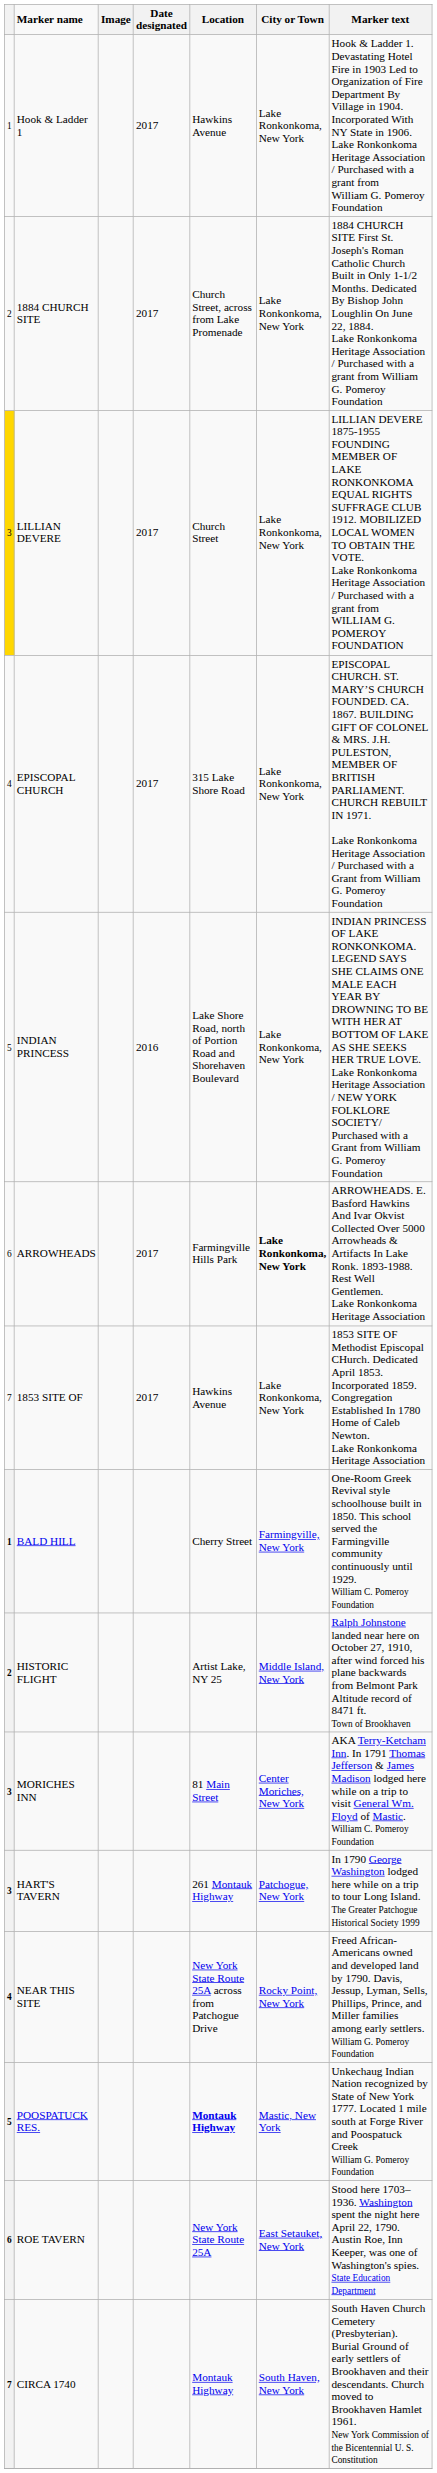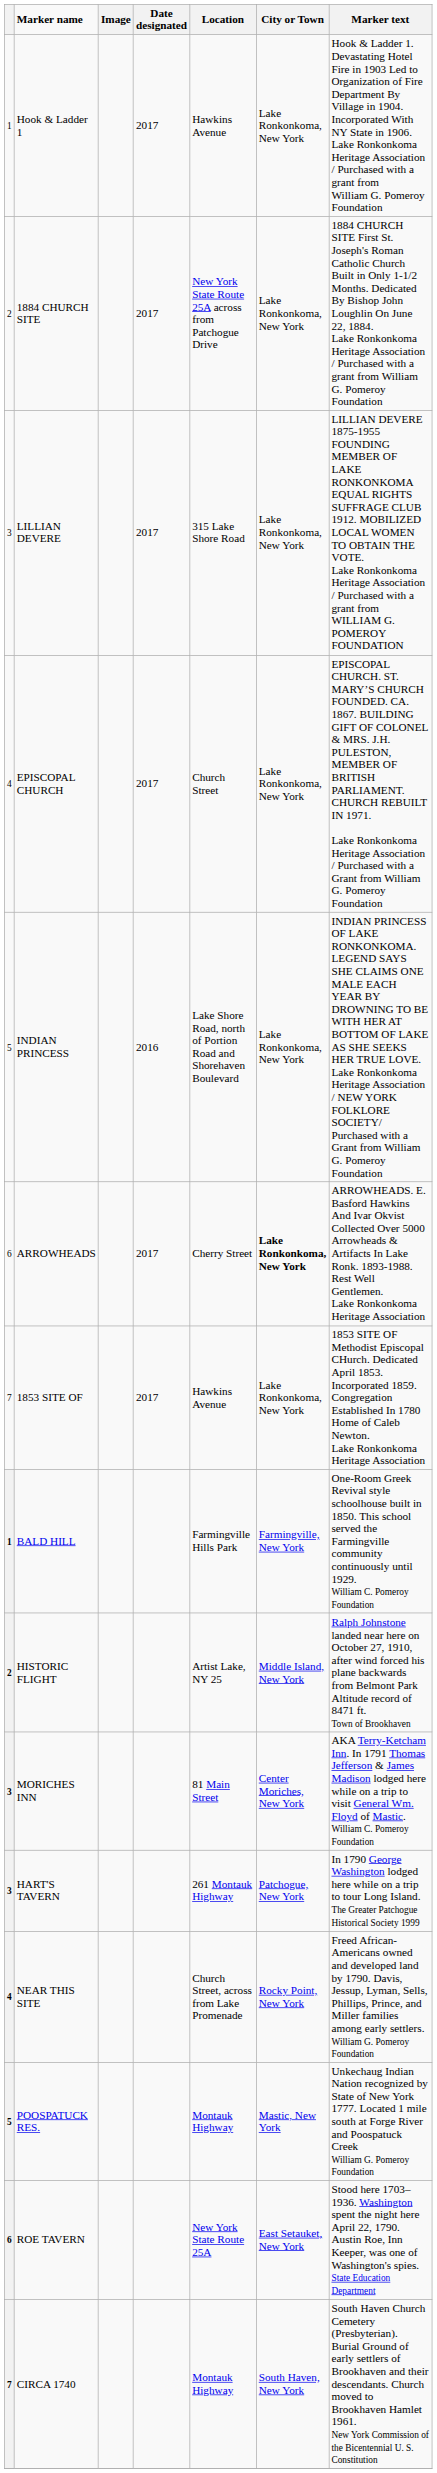 <table class="wikitable sortable" style="width:98%">
 <tr>
 <th></th>
 <td width="18%" ><strong>Marker name</strong></td>
 <th width = 8% class="unsortable" ><strong>Image</strong></th>
 <th width = 10% ><strong>Date designated</strong></th>
 <th><strong>Location</strong></th>
 <th width = 8% ><strong>City or Town</strong></th>
 <th class="unsortable" ><strong>Marker text</strong></th>
 </tr>
 <tr>
 <td><small>1</small></td>
 <td>Hook & Ladder 1</td>
 <td></td>
 <td>2017</td>
 <td>Hawkins Avenue</td>
 <td>Lake Ronkonkoma, New York</td>
 <td>Hook & Ladder 1. Devastating Hotel Fire in 1903 Led to Organization of Fire Department By Village in 1904. Incorporated With NY State in 1906.<br>Lake Ronkonkoma Heritage Association / Purchased with a grant from<br>William G. Pomeroy Foundation</td>
 </tr>
 <tr>
 <td><small>2</small></td>
 <td>1884 CHURCH SITE</td>
 <td></td>
 <td>2017</td>
-<td>Church Street, across from Lake Promenade</td>
+<td><a href='#'>New York State Route 25A</a> across from Patchogue Drive</td>
 <td>Lake Ronkonkoma, New York</td>
 <td>1884 CHURCH SITE First St. Joseph's Roman Catholic Church Built in Only 1-1/2 Months. Dedicated By Bishop John Loughlin On June 22, 1884.<br>Lake Ronkonkoma Heritage Association / Purchased with a grant from William G. Pomeroy Foundation</td>
 </tr>
 <tr>
-<td style="background: gold;"><small>3</small></td>
+<td><small>3</small></td>
 <td>LILLIAN DEVERE</td>
 <td></td>
 <td>2017</td>
-<td>Church Street</td>
+<td>315 Lake Shore Road</td>
 <td>Lake Ronkonkoma, New York</td>
 <td>LILLIAN DEVERE 1875-1955 FOUNDING MEMBER OF LAKE<br>RONKONKOMA EQUAL RIGHTS SUFFRAGE CLUB 1912. MOBILIZED  LOCAL WOMEN TO OBTAIN THE VOTE.<br>Lake Ronkonkoma Heritage Association / Purchased with a grant from WILLIAM G. POMEROY FOUNDATION</td>
 </tr>
 <tr>
 <td><small>4</small></td>
 <td>EPISCOPAL CHURCH</td>
 <td></td>
 <td>2017</td>
-<td>315 Lake Shore Road</td>
+<td>Church Street</td>
 <td>Lake Ronkonkoma, New York</td>
 <td>EPISCOPAL CHURCH. ST. MARY’S CHURCH FOUNDED. CA. 1867. BUILDING GIFT OF COLONEL & MRS. J.H. PULESTON, MEMBER OF BRITISH PARLIAMENT. CHURCH REBUILT IN 1971.<br><br>Lake Ronkonkoma Heritage Association / Purchased with a Grant from William G. Pomeroy Foundation</td>
 </tr>
 <tr>
 <td><small>5</small></td>
 <td>INDIAN PRINCESS</td>
 <td></td>
 <td>2016</td>
 <td>Lake Shore Road, north of Portion Road and Shorehaven Boulevard</td>
 <td>Lake Ronkonkoma, New York</td>
 <td>INDIAN PRINCESS OF LAKE RONKONKOMA. LEGEND SAYS SHE CLAIMS ONE MALE EACH YEAR BY DROWNING TO BE WITH HER AT BOTTOM OF LAKE AS SHE SEEKS HER TRUE LOVE.<br>Lake Ronkonkoma Heritage Association / NEW YORK FOLKLORE SOCIETY/ Purchased with a Grant from William G. Pomeroy Foundation</td>
 </tr>
 <tr>
 <td><small>6</small></td>
 <td>ARROWHEADS</td>
 <td></td>
 <td>2017</td>
-<td>Farmingville Hills Park</td>
+<td>Cherry Street</td>
 <td><strong>Lake Ronkonkoma, New York</strong></td>
 <td>ARROWHEADS.  E. Basford Hawkins And Ivar Okvist Collected Over 5000 Arrowheads & Artifacts In Lake Ronk. 1893-1988. Rest Well Gentlemen.<br>Lake Ronkonkoma Heritage Association</td>
 </tr>
 <tr>
 <td><small>7</small></td>
 <td>1853 SITE OF</td>
 <td></td>
 <td>2017</td>
 <td>Hawkins Avenue</td>
 <td>Lake Ronkonkoma, New York</td>
 <td>1853 SITE OF Methodist Episcopal CHurch. Dedicated April 1853. Incorporated 1859. Congregation Established In 1780 Home of Caleb Newton.<br>Lake Ronkonkoma Heritage Association</td>
 </tr>
 <tr ->
 <th><small>1</small></th>
 <td><a href='#'>BALD HILL</a></td>
 <td></td>
 <td></td>
-<td>Cherry Street</td>
+<td>Farmingville Hills Park</td>
 <td><a href='#'>Farmingville, New York</a></td>
 <td>One-Room Greek Revival style schoolhouse built in 1850. This school served the Farmingville community continuously until 1929.<br><small>William C. Pomeroy Foundation</small></td>
 </tr>
 <tr ->
 <th><small>2</small></th>
 <td>HISTORIC FLIGHT</td>
 <td></td>
 <td></td>
 <td>Artist Lake, NY 25</td>
 <td><a href='#'>Middle Island, New York</a></td>
 <td><a href='#'>Ralph Johnstone</a> landed near here on October 27, 1910, after wind forced his plane backwards from Belmont Park Altitude record of 8471 ft.<br><small>Town of Brookhaven</small></td>
 </tr>
 <tr ->
 <th><small>3</small></th>
 <td>MORICHES INN</td>
 <td></td>
 <td></td>
 <td>81 <a href='#'>Main Street</a></td>
 <td><a href='#'>Center Moriches, New York</a></td>
 <td>AKA <a href='#'>Terry-Ketcham Inn</a>. In 1791 <a href='#'>Thomas Jefferson</a> & <a href='#'>James Madison</a> lodged here while on a trip to visit <a href='#'>General Wm. Floyd</a> of <a href='#'>Mastic</a>.<br><small>William C. Pomeroy Foundation</small></td>
 </tr>
 <tr ->
 <th><small>3</small></th>
 <td>HART'S TAVERN</td>
 <td></td>
 <td></td>
 <td>261 <a href='#'>Montauk Highway</a></td>
 <td><a href='#'>Patchogue, New York</a></td>
 <td>In 1790 <a href='#'>George Washington</a> lodged here while on a trip to tour Long Island.<br><small>The Greater Patchogue Historical Society 1999</small></td>
 </tr>
 <tr ->
 <th><small>4</small></th>
 <td>NEAR THIS SITE</td>
 <td></td>
 <td></td>
-<td><a href='#'>New York State Route 25A</a> across from Patchogue Drive</td>
+<td>Church Street, across from Lake Promenade</td>
 <td><a href='#'>Rocky Point, New York</a></td>
 <td>Freed African-Americans owned and developed land by 1790. Davis, Jessup, Lyman, Sells, Phillips, Prince, and Miller families among early settlers.<br><small>William G. Pomeroy Foundation</small></td>
 </tr>
 <tr ->
 <th><small>5</small></th>
 <td><a href='#'>POOSPATUCK RES.</a></td>
 <td></td>
 <td></td>
-<td><strong><a href='#'>Montauk Highway</a></strong></td>
+<td><a href='#'>Montauk Highway</a></td>
 <td><a href='#'>Mastic, New York</a></td>
 <td>Unkechaug Indian Nation recognized by State of New York 1777. Located 1 mile south at Forge River and Poospatuck Creek<br><small>William G. Pomeroy Foundation</small></td>
 </tr>
 <tr ->
 <th><small>6</small></th>
 <td>ROE TAVERN</td>
 <td></td>
 <td></td>
 <td><a href='#'>New York State Route 25A</a></td>
 <td><a href='#'>East Setauket, New York</a></td>
 <td>Stood here 1703–1936. <a href='#'>Washington</a> spent the night here April 22, 1790. Austin Roe, Inn Keeper, was one of Washington's spies.<br><small><a href='#'>State Education Department</a></small></td>
 </tr>
 <tr ->
 <th><small>7</small></th>
 <td>CIRCA 1740</td>
 <td></td>
 <td></td>
 <td><a href='#'>Montauk Highway</a></td>
 <td><a href='#'>South Haven, New York</a></td>
 <td>South Haven Church Cemetery<br>(Presbyterian).<br>Burial Ground of early settlers of Brookhaven and their descendants. Church moved to Brookhaven Hamlet 1961.<br><small>New York Commission of the Bicentennial U. S. Constitution</small></td>
 </tr>
 <tr ->
 </tr>
 </table>
